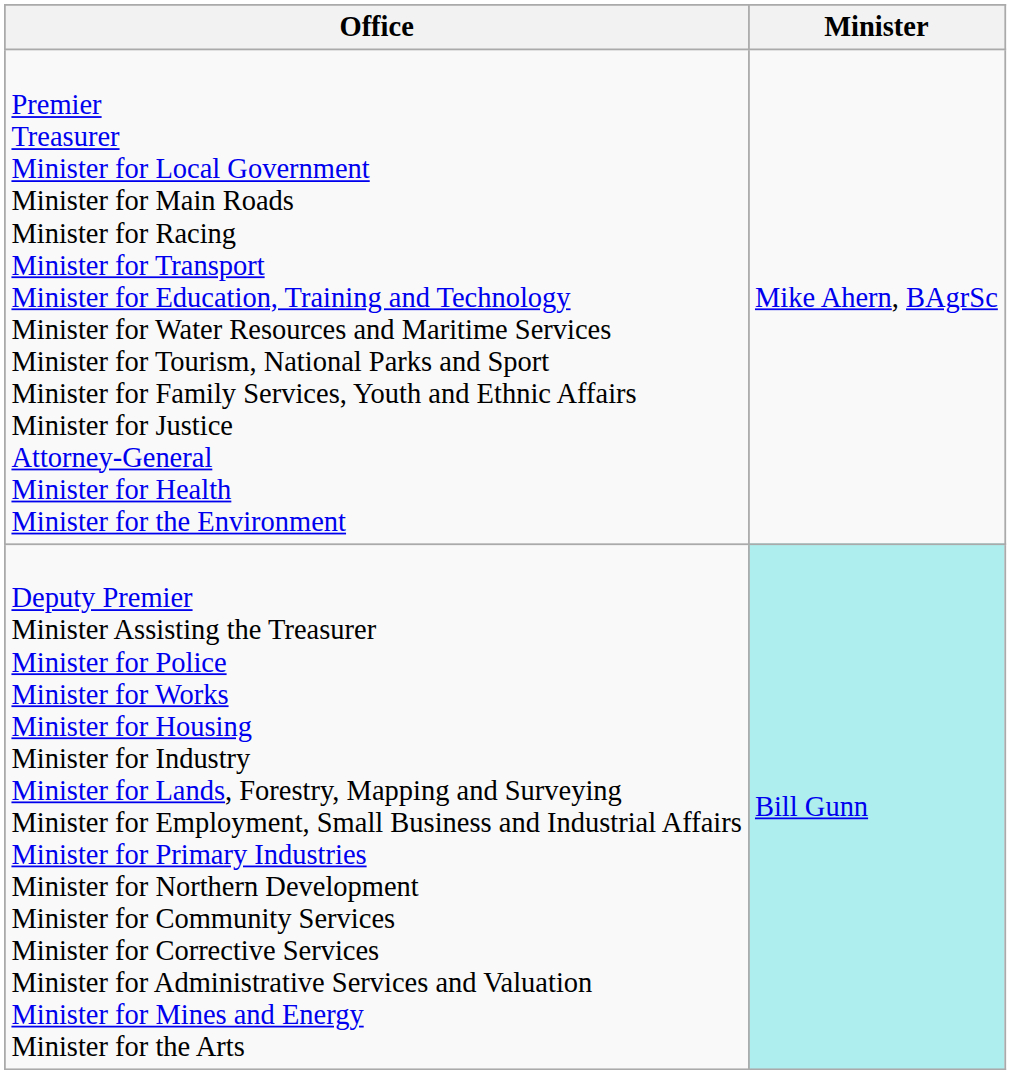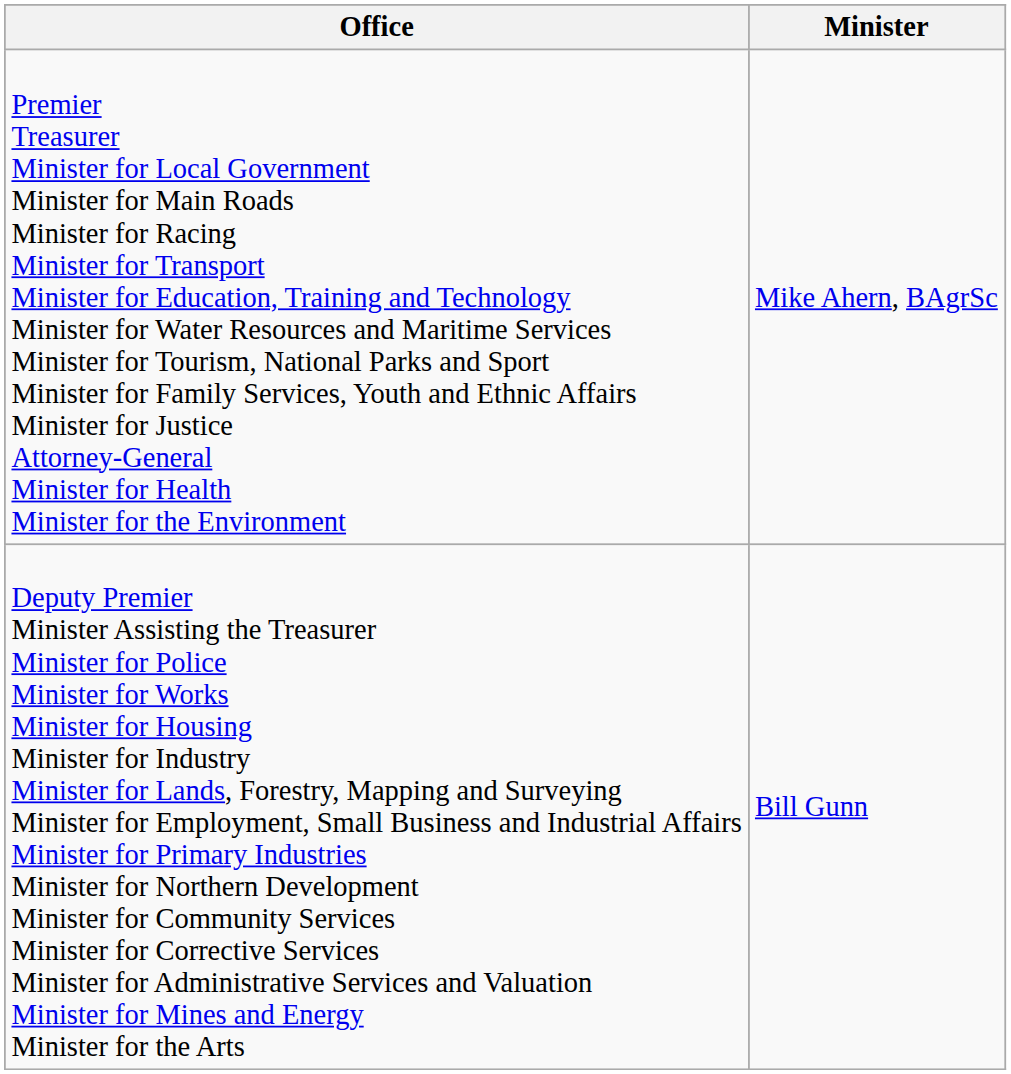 <table class="wikitable">
 <tr>
 <th>Office</th>
 <th>Minister</th>
 </tr>
 <tr>
 <td><br><a href='#'>Premier</a><br> <a href='#'>Treasurer</a><br> <a href='#'>Minister for Local Government</a><br> Minister for Main Roads<br> Minister for Racing<br> <a href='#'>Minister for Transport</a><br> <a href='#'>Minister for Education, Training and Technology</a><br> Minister for Water Resources and Maritime Services<br> Minister for Tourism, National Parks and Sport<br> Minister for Family Services, Youth and Ethnic Affairs<br> Minister for Justice<br> <a href='#'>Attorney-General</a><br> <a href='#'>Minister for Health</a><br> <a href='#'>Minister for the Environment</a></td>
 <td><a href='#'>Mike Ahern</a>, <a href='#'>BAgrSc</a></td>
 </tr>
 <tr>
 <td><br><a href='#'>Deputy Premier</a><br> Minister Assisting the Treasurer<br> <a href='#'>Minister for Police</a><br> <a href='#'>Minister for Works</a><br> <a href='#'>Minister for Housing</a><br> Minister for Industry<br> <a href='#'>Minister for Lands</a>, Forestry, Mapping and Surveying<br> Minister for Employment, Small Business and Industrial Affairs<br> <a href='#'>Minister for Primary Industries</a><br> Minister for Northern Development<br> Minister for Community Services<br> Minister for Corrective Services<br> Minister for Administrative Services and Valuation<br> <a href='#'>Minister for Mines and Energy</a><br> Minister for the Arts</td>
-<td style="background: paleturquoise;"><a href='#'>Bill Gunn</a></td>
+<td><a href='#'>Bill Gunn</a></td>
 </tr>
 </table>
